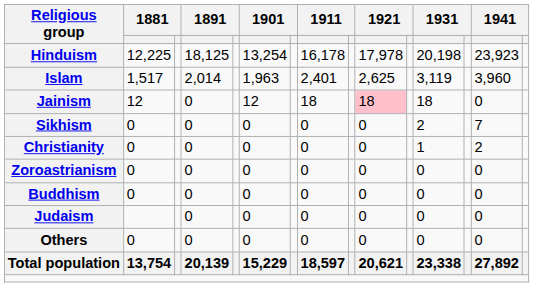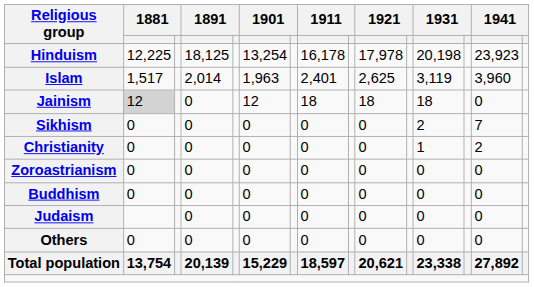 <table class="wikitable sortable">
 <tr>
 <th rowspan="2"><a href='#'>Religious</a><br>group</th>
 <th colspan="2">1881</th>
 <th colspan="2">1891</th>
 <th colspan="2">1901</th>
 <th colspan="2">1911</th>
 <th colspan="2">1921</th>
 <th colspan="2">1931</th>
 <th colspan="2">1941</th>
 </tr>
 <tr>
 <th><a href='#'></a></th>
 <th></th>
 <th></th>
 <th></th>
 <th></th>
 <th></th>
 <th></th>
 <th></th>
 <th></th>
 <th></th>
 <th></th>
 <th></th>
 <th></th>
 <th></th>
 </tr>
 <tr>
 <th><a href='#'>Hinduism</a> </th>
 <td>12,225</td>
 <td></td>
 <td>18,125</td>
 <td></td>
 <td>13,254</td>
 <td></td>
 <td>16,178</td>
 <td></td>
 <td>17,978</td>
 <td></td>
 <td>20,198</td>
 <td></td>
 <td>23,923</td>
 <td></td>
 </tr>
 <tr>
 <th><a href='#'>Islam</a> </th>
 <td>1,517</td>
 <td></td>
 <td>2,014</td>
 <td></td>
 <td>1,963</td>
 <td></td>
 <td>2,401</td>
 <td></td>
 <td>2,625</td>
 <td></td>
 <td>3,119</td>
 <td></td>
 <td>3,960</td>
 <td></td>
 </tr>
 <tr>
 <th><a href='#'>Jainism</a> </th>
-<td>12</td>
+<td style="background: lightgrey;">12</td>
 <td></td>
 <td>0</td>
 <td></td>
 <td>12</td>
 <td></td>
 <td>18</td>
 <td></td>
-<td style="background: pink;">18</td>
+<td>18</td>
 <td></td>
 <td>18</td>
 <td></td>
 <td>0</td>
 <td></td>
 </tr>
 <tr>
 <th><a href='#'>Sikhism</a> </th>
 <td>0</td>
 <td></td>
 <td>0</td>
 <td></td>
 <td>0</td>
 <td></td>
 <td>0</td>
 <td></td>
 <td>0</td>
 <td></td>
 <td>2</td>
 <td></td>
 <td>7</td>
 <td></td>
 </tr>
 <tr>
 <th><a href='#'>Christianity</a> </th>
 <td>0</td>
 <td></td>
 <td>0</td>
 <td></td>
 <td>0</td>
 <td></td>
 <td>0</td>
 <td></td>
 <td>0</td>
 <td></td>
 <td>1</td>
 <td></td>
 <td>2</td>
 <td></td>
 </tr>
 <tr>
 <th><a href='#'>Zoroastrianism</a> </th>
 <td>0</td>
 <td></td>
 <td>0</td>
 <td></td>
 <td>0</td>
 <td></td>
 <td>0</td>
 <td></td>
 <td>0</td>
 <td></td>
 <td>0</td>
 <td></td>
 <td>0</td>
 <td></td>
 </tr>
 <tr>
 <th><a href='#'>Buddhism</a> </th>
 <td>0</td>
 <td></td>
 <td>0</td>
 <td></td>
 <td>0</td>
 <td></td>
 <td>0</td>
 <td></td>
 <td>0</td>
 <td></td>
 <td>0</td>
 <td></td>
 <td>0</td>
 <td></td>
 </tr>
 <tr>
 <th><a href='#'>Judaism</a> </th>
 <td></td>
 <td></td>
 <td>0</td>
 <td></td>
 <td>0</td>
 <td></td>
 <td>0</td>
 <td></td>
 <td>0</td>
 <td></td>
 <td>0</td>
 <td></td>
 <td>0</td>
 <td></td>
 </tr>
 <tr>
 <th>Others</th>
 <td>0</td>
 <td></td>
 <td>0</td>
 <td></td>
 <td>0</td>
 <td></td>
 <td>0</td>
 <td></td>
 <td>0</td>
 <td></td>
 <td>0</td>
 <td></td>
 <td>0</td>
 <td></td>
 </tr>
 <tr>
 <th>Total population</th>
 <th>13,754</th>
 <th></th>
 <th>20,139</th>
 <th></th>
 <th>15,229</th>
 <th></th>
 <th>18,597</th>
 <th></th>
 <th>20,621</th>
 <th></th>
 <th>23,338</th>
 <th></th>
 <th>27,892</th>
 <th></th>
 </tr>
 <tr class="sortbottom">
 <td colspan="15"></td>
 </tr>
 </table>
